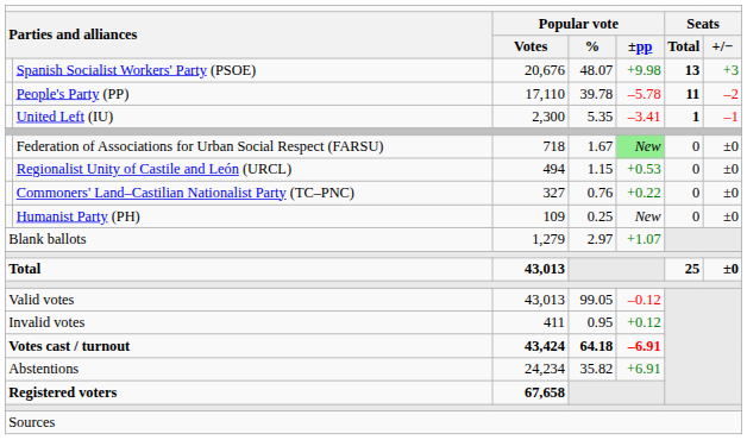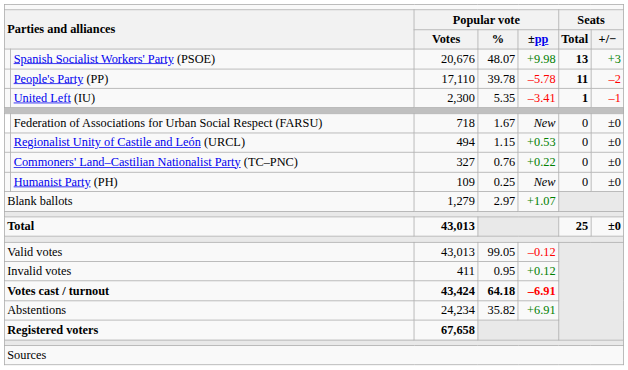 <table class="wikitable" style="text-align:right;">
 <tr>
 <td colspan="7"></td>
 </tr>
 <tr>
 <th style="text-align:left;" rowspan="2" colspan="2" width="525">Parties and alliances</th>
 <th colspan="3">Popular vote</th>
 <th colspan="2">Seats</th>
 </tr>
 <tr>
 <th width="75">Votes</th>
 <th width="45">%</th>
 <th width="45">±<a href='#'>pp</a></th>
 <th width="35">Total</th>
 <th width="35">+/−</th>
 </tr>
 <tr>
 <td width="1" style="color:inherit;background:"></td>
 <td align="left"><a href='#'>Spanish Socialist Workers' Party</a> (PSOE)</td>
 <td>20,676</td>
 <td>48.07</td>
 <td style="color:green;">+9.98</td>
 <td><strong>13</strong></td>
 <td style="color:green;">+3</td>
 </tr>
 <tr>
 <td style="color:inherit;background:"></td>
 <td align="left"><a href='#'>People's Party</a> (PP)</td>
 <td>17,110</td>
 <td>39.78</td>
 <td style="color:red;">–5.78</td>
 <td><strong>11</strong></td>
 <td style="color:red;">–2</td>
 </tr>
 <tr>
 <td style="color:inherit;background:"></td>
 <td align="left"><a href='#'>United Left</a> (IU)</td>
 <td>2,300</td>
 <td>5.35</td>
 <td style="color:red;">–3.41</td>
 <td><strong>1</strong></td>
 <td style="color:red;">–1</td>
 </tr>
 <tr>
 <td colspan="7" bgcolor="#C0C0C0"></td>
 </tr>
 <tr>
 <td bgcolor="white"></td>
 <td align="left">Federation of Associations for Urban Social Respect (FARSU)</td>
 <td>718</td>
 <td>1.67</td>
-<td style="background: lightgreen;"><em>New</em></td>
+<td><em>New</em></td>
 <td>0</td>
 <td>±0</td>
 </tr>
 <tr>
 <td style="color:inherit;background:"></td>
 <td align="left"><a href='#'>Regionalist Unity of Castile and León</a> (URCL)</td>
 <td>494</td>
 <td>1.15</td>
 <td style="color:green;">+0.53</td>
 <td>0</td>
 <td>±0</td>
 </tr>
 <tr>
 <td style="color:inherit;background:"></td>
 <td align="left"><a href='#'>Commoners' Land–Castilian Nationalist Party</a> (TC–PNC)</td>
 <td>327</td>
 <td>0.76</td>
 <td style="color:green;">+0.22</td>
 <td>0</td>
 <td>±0</td>
 </tr>
 <tr>
 <td style="color:inherit;background:"></td>
 <td align="left"><a href='#'>Humanist Party</a> (PH)</td>
 <td>109</td>
 <td>0.25</td>
 <td><em>New</em></td>
 <td>0</td>
 <td>±0</td>
 </tr>
 <tr>
 <td align="left" colspan="2">Blank ballots</td>
 <td>1,279</td>
 <td>2.97</td>
 <td style="color:green;">+1.07</td>
 <td bgcolor="#E9E9E9" colspan="2"></td>
 </tr>
 <tr>
 <td colspan="7" bgcolor="#E9E9E9"></td>
 </tr>
 <tr style="font-weight:bold;">
 <td align="left" colspan="2">Total</td>
 <td>43,013</td>
 <td bgcolor="#E9E9E9" colspan="2"></td>
 <td>25</td>
 <td>±0</td>
 </tr>
 <tr>
 <td colspan="7" bgcolor="#E9E9E9"></td>
 </tr>
 <tr>
 <td align="left" colspan="2">Valid votes</td>
 <td>43,013</td>
 <td>99.05</td>
 <td style="color:red;">–0.12</td>
 <td bgcolor="#E9E9E9" colspan="2" rowspan="5"></td>
 </tr>
 <tr>
 <td align="left" colspan="2">Invalid votes</td>
 <td>411</td>
 <td>0.95</td>
 <td style="color:green;">+0.12</td>
 </tr>
 <tr style="font-weight:bold;">
 <td align="left" colspan="2">Votes cast / turnout</td>
 <td>43,424</td>
 <td>64.18</td>
 <td style="color:red;">–6.91</td>
 </tr>
 <tr>
 <td align="left" colspan="2">Abstentions</td>
 <td>24,234</td>
 <td>35.82</td>
 <td style="color:green;">+6.91</td>
 </tr>
 <tr style="font-weight:bold;">
 <td align="left" colspan="2">Registered voters</td>
 <td>67,658</td>
 <td bgcolor="#E9E9E9" colspan="2"></td>
 </tr>
 <tr>
 <td colspan="7" bgcolor="#E9E9E9"></td>
 </tr>
 <tr>
 <td align="left" colspan="7">Sources</td>
 </tr>
 </table>
